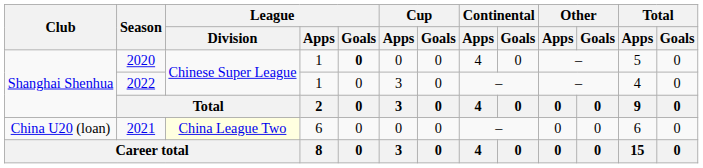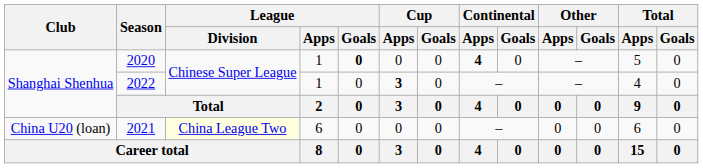 <table class="wikitable" style="text-align: center">
 <tr>
 <th rowspan="2">Club</th>
 <th rowspan="2">Season</th>
 <th colspan="3">League</th>
 <th colspan="2">Cup</th>
 <th colspan="2">Continental</th>
 <th colspan="2">Other</th>
 <th colspan="2">Total</th>
 </tr>
 <tr>
 <th>Division</th>
 <th>Apps</th>
 <th>Goals</th>
 <th>Apps</th>
 <th>Goals</th>
 <th>Apps</th>
 <th>Goals</th>
 <th>Apps</th>
 <th>Goals</th>
 <th>Apps</th>
 <th>Goals</th>
 </tr>
 <tr>
 <td rowspan="3"><a href='#'>Shanghai Shenhua</a></td>
 <td><a href='#'>2020</a></td>
 <td rowspan="2"><a href='#'>Chinese Super League</a></td>
 <td>1</td>
 <td><strong>0</strong></td>
 <td>0</td>
 <td>0</td>
-<td>4</td>
+<td><strong>4</strong></td>
 <td>0</td>
 <td colspan="2">–</td>
 <td>5</td>
 <td>0</td>
 </tr>
 <tr>
 <td><a href='#'>2022</a></td>
 <td>1</td>
 <td>0</td>
-<td>3</td>
+<td><strong>3</strong></td>
 <td>0</td>
 <td colspan="2">–</td>
 <td colspan="2">–</td>
 <td>4</td>
 <td>0</td>
 </tr>
 <tr>
 <th colspan=2>Total</th>
 <th>2</th>
 <th>0</th>
 <th>3</th>
 <th>0</th>
 <th>4</th>
 <th>0</th>
 <th>0</th>
 <th>0</th>
 <th>9</th>
 <th>0</th>
 </tr>
 <tr>
 <td><a href='#'>China U20</a> (loan)</td>
 <td><a href='#'>2021</a></td>
 <td style="background: lightyellow;"><a href='#'>China League Two</a></td>
 <td>6</td>
 <td>0</td>
 <td>0</td>
 <td>0</td>
 <td colspan="2">–</td>
 <td>0</td>
 <td>0</td>
 <td>6</td>
 <td>0</td>
 </tr>
 <tr>
 <th colspan=3>Career total</th>
 <th>8</th>
 <th>0</th>
 <th>3</th>
 <th>0</th>
 <th>4</th>
 <th>0</th>
 <th>0</th>
 <th>0</th>
 <th>15</th>
 <th>0</th>
 </tr>
 </table>
